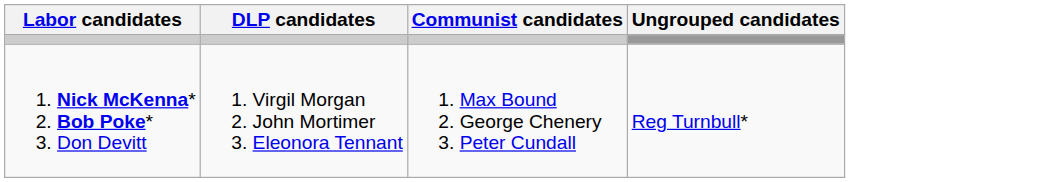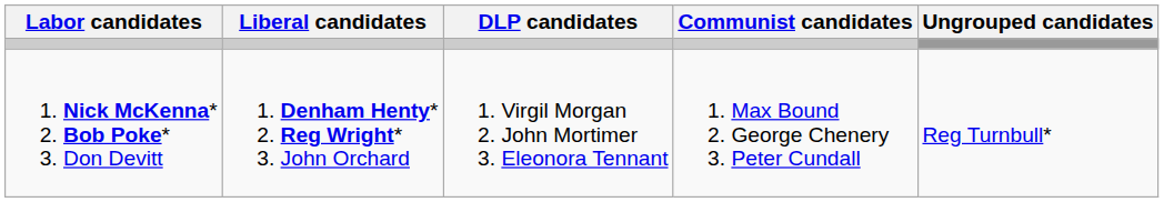 <table class="wikitable">
 <tr>
 <th><a href='#'>Labor</a> candidates</th>
+<th><a href='#'>Liberal</a> candidates</th>
 <th><a href='#'>DLP</a> candidates</th>
 <th><a href='#'>Communist</a> candidates</th>
 <th>Ungrouped candidates</th>
 </tr>
 <tr bgcolor="#cccccc">
 <td></td>
 <td></td>
 <td></td>
+<td></td>
 <td bgcolor="#999999"></td>
 </tr>
 <tr>
 <td><br><ol><li><strong><a href='#'>Nick McKenna</a></strong>*</li><li><strong><a href='#'>Bob Poke</a></strong>*</li><li><a href='#'>Don Devitt</a></li></ol></td>
+<td><br><ol><li><strong><a href='#'>Denham Henty</a></strong>*</li><li><strong><a href='#'>Reg Wright</a></strong>*</li><li><a href='#'>John Orchard</a></li></ol></td>
 <td valign=top><br><ol><li>Virgil Morgan</li><li>John Mortimer</li><li><a href='#'>Eleonora Tennant</a></li></ol></td>
 <td valign=top><br><ol><li><a href='#'>Max Bound</a></li><li>George Chenery</li><li><a href='#'>Peter Cundall</a></li></ol></td>
 <td><br><a href='#'>Reg Turnbull</a>*</td>
 </tr>
 </table>
